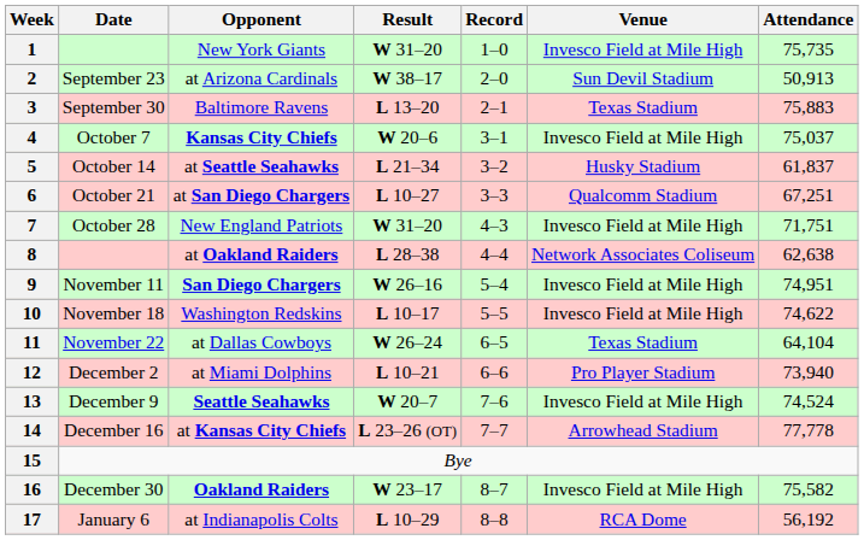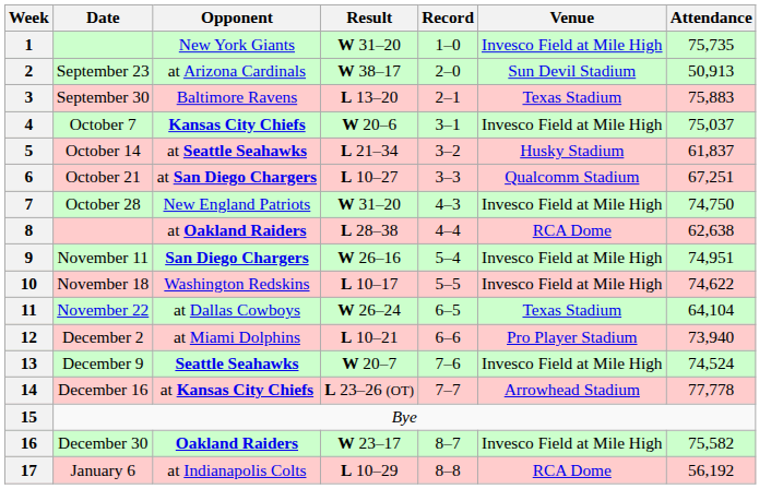 <table class="wikitable" style="text-align:center">
 <tr>
 <th>Week</th>
 <th>Date</th>
 <th>Opponent</th>
 <th>Result</th>
 <th>Record</th>
 <th>Venue</th>
 <th>Attendance</th>
 </tr>
 <tr style="background:#cfc">
 <th>1</th>
 <td></td>
 <td><a href='#'>New York Giants</a></td>
 <td><strong>W</strong> 31–20</td>
 <td>1–0</td>
 <td><a href='#'>Invesco Field at Mile High</a></td>
 <td>75,735</td>
 </tr>
 <tr style="background:#cfc">
 <th>2</th>
 <td>September 23</td>
 <td>at <a href='#'>Arizona Cardinals</a></td>
 <td><strong>W</strong> 38–17</td>
 <td>2–0</td>
 <td><a href='#'>Sun Devil Stadium</a></td>
 <td>50,913</td>
 </tr>
 <tr style="background:#fcc">
 <th>3</th>
 <td>September 30</td>
 <td><a href='#'>Baltimore Ravens</a></td>
 <td><strong>L</strong> 13–20</td>
 <td>2–1</td>
 <td><a href='#'>Texas Stadium</a></td>
 <td>75,883</td>
 </tr>
 <tr style="background:#cfc">
 <th>4</th>
 <td>October 7</td>
 <td><strong><a href='#'>Kansas City Chiefs</a></strong></td>
 <td><strong>W</strong> 20–6</td>
 <td>3–1</td>
 <td>Invesco Field at Mile High</td>
 <td>75,037</td>
 </tr>
 <tr style="background:#fcc">
 <th>5</th>
 <td>October 14</td>
 <td>at <strong><a href='#'>Seattle Seahawks</a></strong></td>
 <td><strong>L</strong> 21–34</td>
 <td>3–2</td>
 <td><a href='#'>Husky Stadium</a></td>
 <td>61,837</td>
 </tr>
 <tr style="background:#fcc">
 <th>6</th>
 <td>October 21</td>
 <td>at <strong><a href='#'>San Diego Chargers</a></strong></td>
 <td><strong>L</strong> 10–27</td>
 <td>3–3</td>
 <td><a href='#'>Qualcomm Stadium</a></td>
 <td>67,251</td>
 </tr>
 <tr style="background:#cfc">
 <th>7</th>
 <td>October 28</td>
 <td><a href='#'>New England Patriots</a></td>
 <td><strong>W</strong> 31–20</td>
 <td>4–3</td>
 <td>Invesco Field at Mile High</td>
-<td>71,751</td>
+<td>74,750</td>
 </tr>
 <tr style="background:#fcc">
 <th>8</th>
 <td></td>
 <td>at <strong><a href='#'>Oakland Raiders</a></strong></td>
 <td><strong>L</strong> 28–38</td>
 <td>4–4</td>
-<td><a href='#'>Network Associates Coliseum</a></td>
+<td><a href='#'>RCA Dome</a></td>
 <td>62,638</td>
 </tr>
 <tr style="background:#cfc">
 <th>9</th>
 <td>November 11</td>
 <td><strong><a href='#'>San Diego Chargers</a></strong></td>
 <td><strong>W</strong> 26–16</td>
 <td>5–4</td>
 <td>Invesco Field at Mile High</td>
 <td>74,951</td>
 </tr>
 <tr style="background:#fcc">
 <th>10</th>
 <td>November 18</td>
 <td><a href='#'>Washington Redskins</a></td>
 <td><strong>L</strong> 10–17</td>
 <td>5–5</td>
 <td>Invesco Field at Mile High</td>
 <td>74,622</td>
 </tr>
 <tr style="background:#cfc">
 <th>11</th>
 <td><a href='#'>November 22</a></td>
 <td>at <a href='#'>Dallas Cowboys</a></td>
 <td><strong>W</strong> 26–24</td>
 <td>6–5</td>
 <td><a href='#'>Texas Stadium</a></td>
 <td>64,104</td>
 </tr>
 <tr style="background:#fcc">
 <th>12</th>
 <td>December 2</td>
 <td>at <a href='#'>Miami Dolphins</a></td>
 <td><strong>L</strong> 10–21</td>
 <td>6–6</td>
 <td><a href='#'>Pro Player Stadium</a></td>
 <td>73,940</td>
 </tr>
 <tr style="background:#cfc">
 <th>13</th>
 <td>December 9</td>
 <td><strong><a href='#'>Seattle Seahawks</a></strong></td>
 <td><strong>W</strong> 20–7</td>
 <td>7–6</td>
 <td>Invesco Field at Mile High</td>
 <td>74,524</td>
 </tr>
 <tr style="background:#fcc">
 <th>14</th>
 <td>December 16</td>
 <td>at <strong><a href='#'>Kansas City Chiefs</a></strong></td>
 <td><strong>L</strong> 23–26 <small>(OT)</small></td>
 <td>7–7</td>
 <td><a href='#'>Arrowhead Stadium</a></td>
 <td>77,778</td>
 </tr>
 <tr>
 <th>15</th>
 <td colspan=6 align="center"><em>Bye</em></td>
 </tr>
 <tr style="background:#cfc">
 <th>16</th>
 <td>December 30</td>
 <td><strong><a href='#'>Oakland Raiders</a></strong></td>
 <td><strong>W</strong> 23–17</td>
 <td>8–7</td>
 <td>Invesco Field at Mile High</td>
 <td>75,582</td>
 </tr>
 <tr style="background:#fcc">
 <th>17</th>
 <td>January 6</td>
 <td>at <a href='#'>Indianapolis Colts</a></td>
 <td><strong>L</strong> 10–29</td>
 <td>8–8</td>
 <td><a href='#'>RCA Dome</a></td>
 <td>56,192</td>
 </tr>
 </table>
